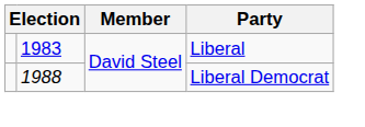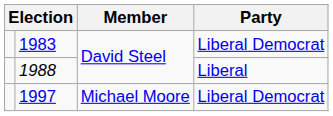 <table class="wikitable">
 <tr>
 <th colspan="2">Election</th>
 <th>Member</th>
 <th>Party</th>
 </tr>
 <tr>
 <td style="color:inherit;background-color: "></td>
 <td><a href='#'>1983</a></td>
 <td rowspan="2"><a href='#'>David Steel</a></td>
+<td><a href='#'>Liberal Democrat</a></td>
+</tr>
+<tr>
+<td style="color:inherit;background-color: "></td>
+<td><em>1988</em></td>
 <td><a href='#'>Liberal</a></td>
 </tr>
 <tr>
 <td style="color:inherit;background-color: "></td>
-<td><em>1988</em></td>
+<td><a href='#'>1997</a></td>
+<td><a href='#'>Michael Moore</a></td>
 <td><a href='#'>Liberal Democrat</a></td>
 </tr>
 </table>
